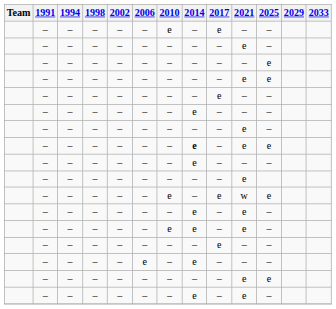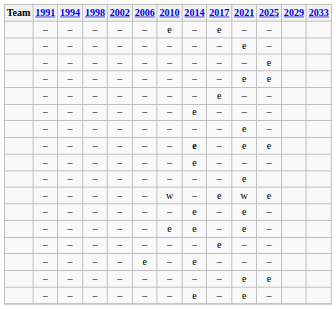 <table class="wikitable sortable" style="font-size:90%; text-align:center">
 <tr>
 <th>Team</th>
 <th><a href='#'>1991</a><br></th>
 <th><a href='#'>1994</a><br></th>
 <th><a href='#'>1998</a><br></th>
 <th><a href='#'>2002</a><br></th>
 <th><a href='#'>2006</a><br></th>
 <th><a href='#'>2010</a><br></th>
 <th><a href='#'>2014</a><br></th>
 <th><a href='#'>2017</a><br></th>
 <th><a href='#'>2021</a><br></th>
 <th><a href='#'>2025</a><br></th>
 <th><a href='#'>2029</a><br></th>
 <th><a href='#'>2033</a><br></th>
 </tr>
 <tr>
 <td align=left></td>
 <td>–</td>
 <td>–</td>
 <td>–</td>
 <td>–</td>
 <td>–</td>
 <td>e</td>
 <td>–</td>
 <td>e</td>
 <td>–</td>
 <td>–</td>
 <td></td>
 <td></td>
 </tr>
 <tr>
 <td align=left></td>
 <td>–</td>
 <td>–</td>
 <td>–</td>
 <td>–</td>
 <td>–</td>
 <td>–</td>
 <td>–</td>
 <td>–</td>
 <td>e</td>
 <td>–</td>
 <td></td>
 <td></td>
 </tr>
 <tr>
 <td align=left></td>
 <td>–</td>
 <td>–</td>
 <td>–</td>
 <td>–</td>
 <td>–</td>
 <td>–</td>
 <td>–</td>
 <td>–</td>
 <td>–</td>
 <td>e</td>
 <td></td>
 <td></td>
 </tr>
 <tr>
 <td align=left></td>
 <td>–</td>
 <td>–</td>
 <td>–</td>
 <td>–</td>
 <td>–</td>
 <td>–</td>
 <td>–</td>
 <td>–</td>
 <td>e</td>
 <td>e</td>
 <td></td>
 <td></td>
 </tr>
 <tr>
 <td align=left></td>
 <td>–</td>
 <td>–</td>
 <td>–</td>
 <td>–</td>
 <td>–</td>
 <td>–</td>
 <td>–</td>
 <td>e</td>
 <td>–</td>
 <td>–</td>
 <td></td>
 <td></td>
 </tr>
 <tr>
 <td align=left></td>
 <td>–</td>
 <td>–</td>
 <td>–</td>
 <td>–</td>
 <td>–</td>
 <td>–</td>
 <td>e</td>
 <td>–</td>
 <td>–</td>
 <td>–</td>
 <td></td>
 <td></td>
 </tr>
 <tr>
 <td align=left></td>
 <td>–</td>
 <td>–</td>
 <td>–</td>
 <td>–</td>
 <td>–</td>
 <td>–</td>
 <td>–</td>
 <td>–</td>
 <td>e</td>
 <td>–</td>
 <td></td>
 <td></td>
 </tr>
 <tr>
 <td align=left></td>
 <td>–</td>
 <td>–</td>
 <td>–</td>
 <td>–</td>
 <td>–</td>
 <td>–</td>
 <td><strong>e</strong></td>
 <td>–</td>
 <td>e</td>
 <td>e</td>
 <td></td>
 <td></td>
 </tr>
 <tr>
 <td align=left></td>
 <td>–</td>
 <td>–</td>
 <td>–</td>
 <td>–</td>
 <td>–</td>
 <td>–</td>
 <td>e</td>
 <td>–</td>
 <td>–</td>
 <td>–</td>
 <td></td>
 <td></td>
 </tr>
 <tr>
 <td align=left></td>
 <td>–</td>
 <td>–</td>
 <td>–</td>
 <td>–</td>
 <td>–</td>
 <td>–</td>
 <td>–</td>
 <td>–</td>
 <td>e</td>
 <td></td>
 <td></td>
 <td></td>
 </tr>
 <tr>
 <td align=left></td>
 <td>–</td>
 <td>–</td>
 <td>–</td>
 <td>–</td>
 <td>–</td>
-<td>e</td>
+<td>w</td>
 <td>–</td>
 <td>e</td>
 <td>w</td>
 <td>e</td>
 <td></td>
 <td></td>
 </tr>
 <tr>
 <td align=left></td>
 <td>–</td>
 <td>–</td>
 <td>–</td>
 <td>–</td>
 <td>–</td>
 <td>–</td>
 <td>e</td>
 <td>–</td>
 <td>e</td>
 <td>–</td>
 <td></td>
 <td></td>
 </tr>
 <tr>
 <td align=left></td>
 <td>–</td>
 <td>–</td>
 <td>–</td>
 <td>–</td>
 <td>–</td>
 <td>e</td>
 <td>e</td>
 <td>–</td>
 <td>e</td>
 <td>–</td>
 <td></td>
 <td></td>
 </tr>
 <tr>
 <td align=left></td>
 <td>–</td>
 <td>–</td>
 <td>–</td>
 <td>–</td>
 <td>–</td>
 <td>–</td>
 <td>–</td>
 <td>e</td>
 <td>–</td>
 <td>–</td>
 <td></td>
 <td></td>
 </tr>
 <tr>
 <td align=left></td>
 <td>–</td>
 <td>–</td>
 <td>–</td>
 <td>–</td>
 <td>e</td>
 <td>–</td>
 <td>e</td>
 <td>–</td>
 <td>–</td>
 <td>–</td>
 <td></td>
 <td></td>
 </tr>
 <tr>
 <td align=left></td>
 <td>–</td>
 <td>–</td>
 <td>–</td>
 <td>–</td>
 <td>–</td>
 <td>–</td>
 <td>–</td>
 <td>–</td>
 <td>e</td>
 <td>e</td>
 <td></td>
 <td></td>
 </tr>
 <tr>
 <td align=left></td>
 <td>–</td>
 <td>–</td>
 <td>–</td>
 <td>–</td>
 <td>–</td>
 <td>–</td>
 <td>e</td>
 <td>–</td>
 <td>e</td>
 <td>–</td>
 <td></td>
 <td></td>
 </tr>
 <tr>
 </tr>
 </table>
